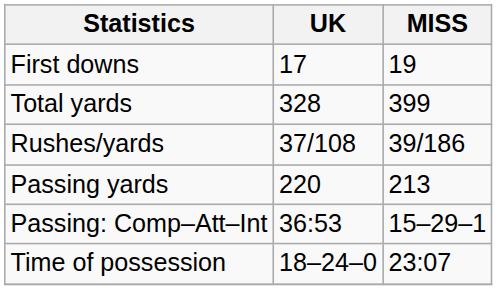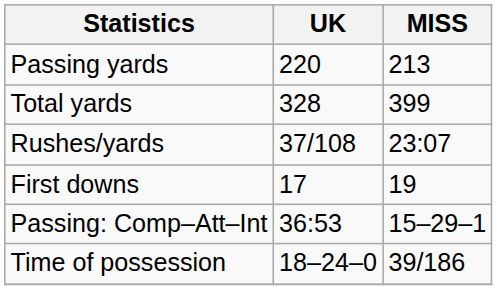 <table class="wikitable" style="float: left;">
 <tr>
 <th>Statistics</th>
 <th>UK</th>
 <th>MISS</th>
 </tr>
 <tr>
-<td>First downs</td>
-<td>17</td>
-<td>19</td>
+<td>Passing yards</td>
+<td>220</td>
+<td>213</td>
 </tr>
 <tr>
 <td>Total yards</td>
 <td>328</td>
 <td>399</td>
 </tr>
 <tr>
 <td>Rushes/yards</td>
 <td>37/108</td>
-<td>39/186</td>
+<td>23:07</td>
 </tr>
 <tr>
-<td>Passing yards</td>
-<td>220</td>
-<td>213</td>
+<td>First downs</td>
+<td>17</td>
+<td>19</td>
 </tr>
 <tr>
 <td>Passing: Comp–Att–Int</td>
 <td>36:53</td>
 <td>15–29–1</td>
 </tr>
 <tr>
 <td>Time of possession</td>
 <td>18–24–0</td>
-<td>23:07</td>
+<td>39/186</td>
 </tr>
 <tr>
 </tr>
 </table>
